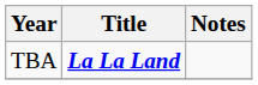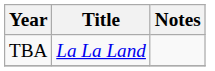 <table class="wikitable">
 <tr>
 <th>Year</th>
 <th>Title</th>
 <th>Notes</th>
 </tr>
 <tr>
 <td>TBA</td>
-<td><strong><em><a href='#'>La La Land</a></em></strong></td>
+<td><em><a href='#'>La La Land</a></em></td>
 <td></td>
 </tr>
 <tr>
 </tr>
 </table>
